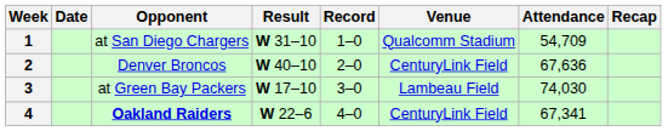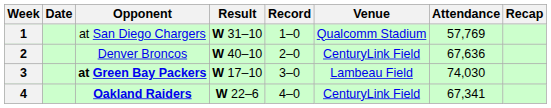 <table class="wikitable" style="text-align:center">
 <tr>
 <th>Week</th>
 <th>Date</th>
 <th>Opponent</th>
 <th>Result</th>
 <th>Record</th>
 <th>Venue</th>
 <th>Attendance</th>
 <th>Recap</th>
 </tr>
 <tr style="background:#cfc">
 <th>1</th>
 <td></td>
 <td>at <a href='#'>San Diego Chargers</a></td>
 <td><strong>W</strong> 31–10</td>
 <td>1–0</td>
 <td><a href='#'>Qualcomm Stadium</a></td>
-<td>54,709</td>
+<td>57,769</td>
 <td></td>
 </tr>
 <tr style="background:#cfc">
 <th>2</th>
 <td></td>
 <td><a href='#'>Denver Broncos</a></td>
 <td><strong>W</strong> 40–10</td>
 <td>2–0</td>
 <td><a href='#'>CenturyLink Field</a></td>
 <td>67,636</td>
 <td></td>
 </tr>
 <tr style="background:#cfc">
 <th>3</th>
 <td></td>
-<td>at <a href='#'>Green Bay Packers</a></td>
+<td><strong>at <a href='#'>Green Bay Packers</a></strong></td>
 <td><strong>W</strong> 17–10</td>
 <td>3–0</td>
 <td><a href='#'>Lambeau Field</a></td>
 <td>74,030</td>
 <td></td>
 </tr>
 <tr style="background:#cfc">
 <th>4</th>
 <td></td>
 <td><strong><a href='#'>Oakland Raiders</a></strong></td>
 <td><strong>W</strong> 22–6</td>
 <td>4–0</td>
 <td><a href='#'>CenturyLink Field</a></td>
 <td>67,341</td>
 <td></td>
 </tr>
 </table>
